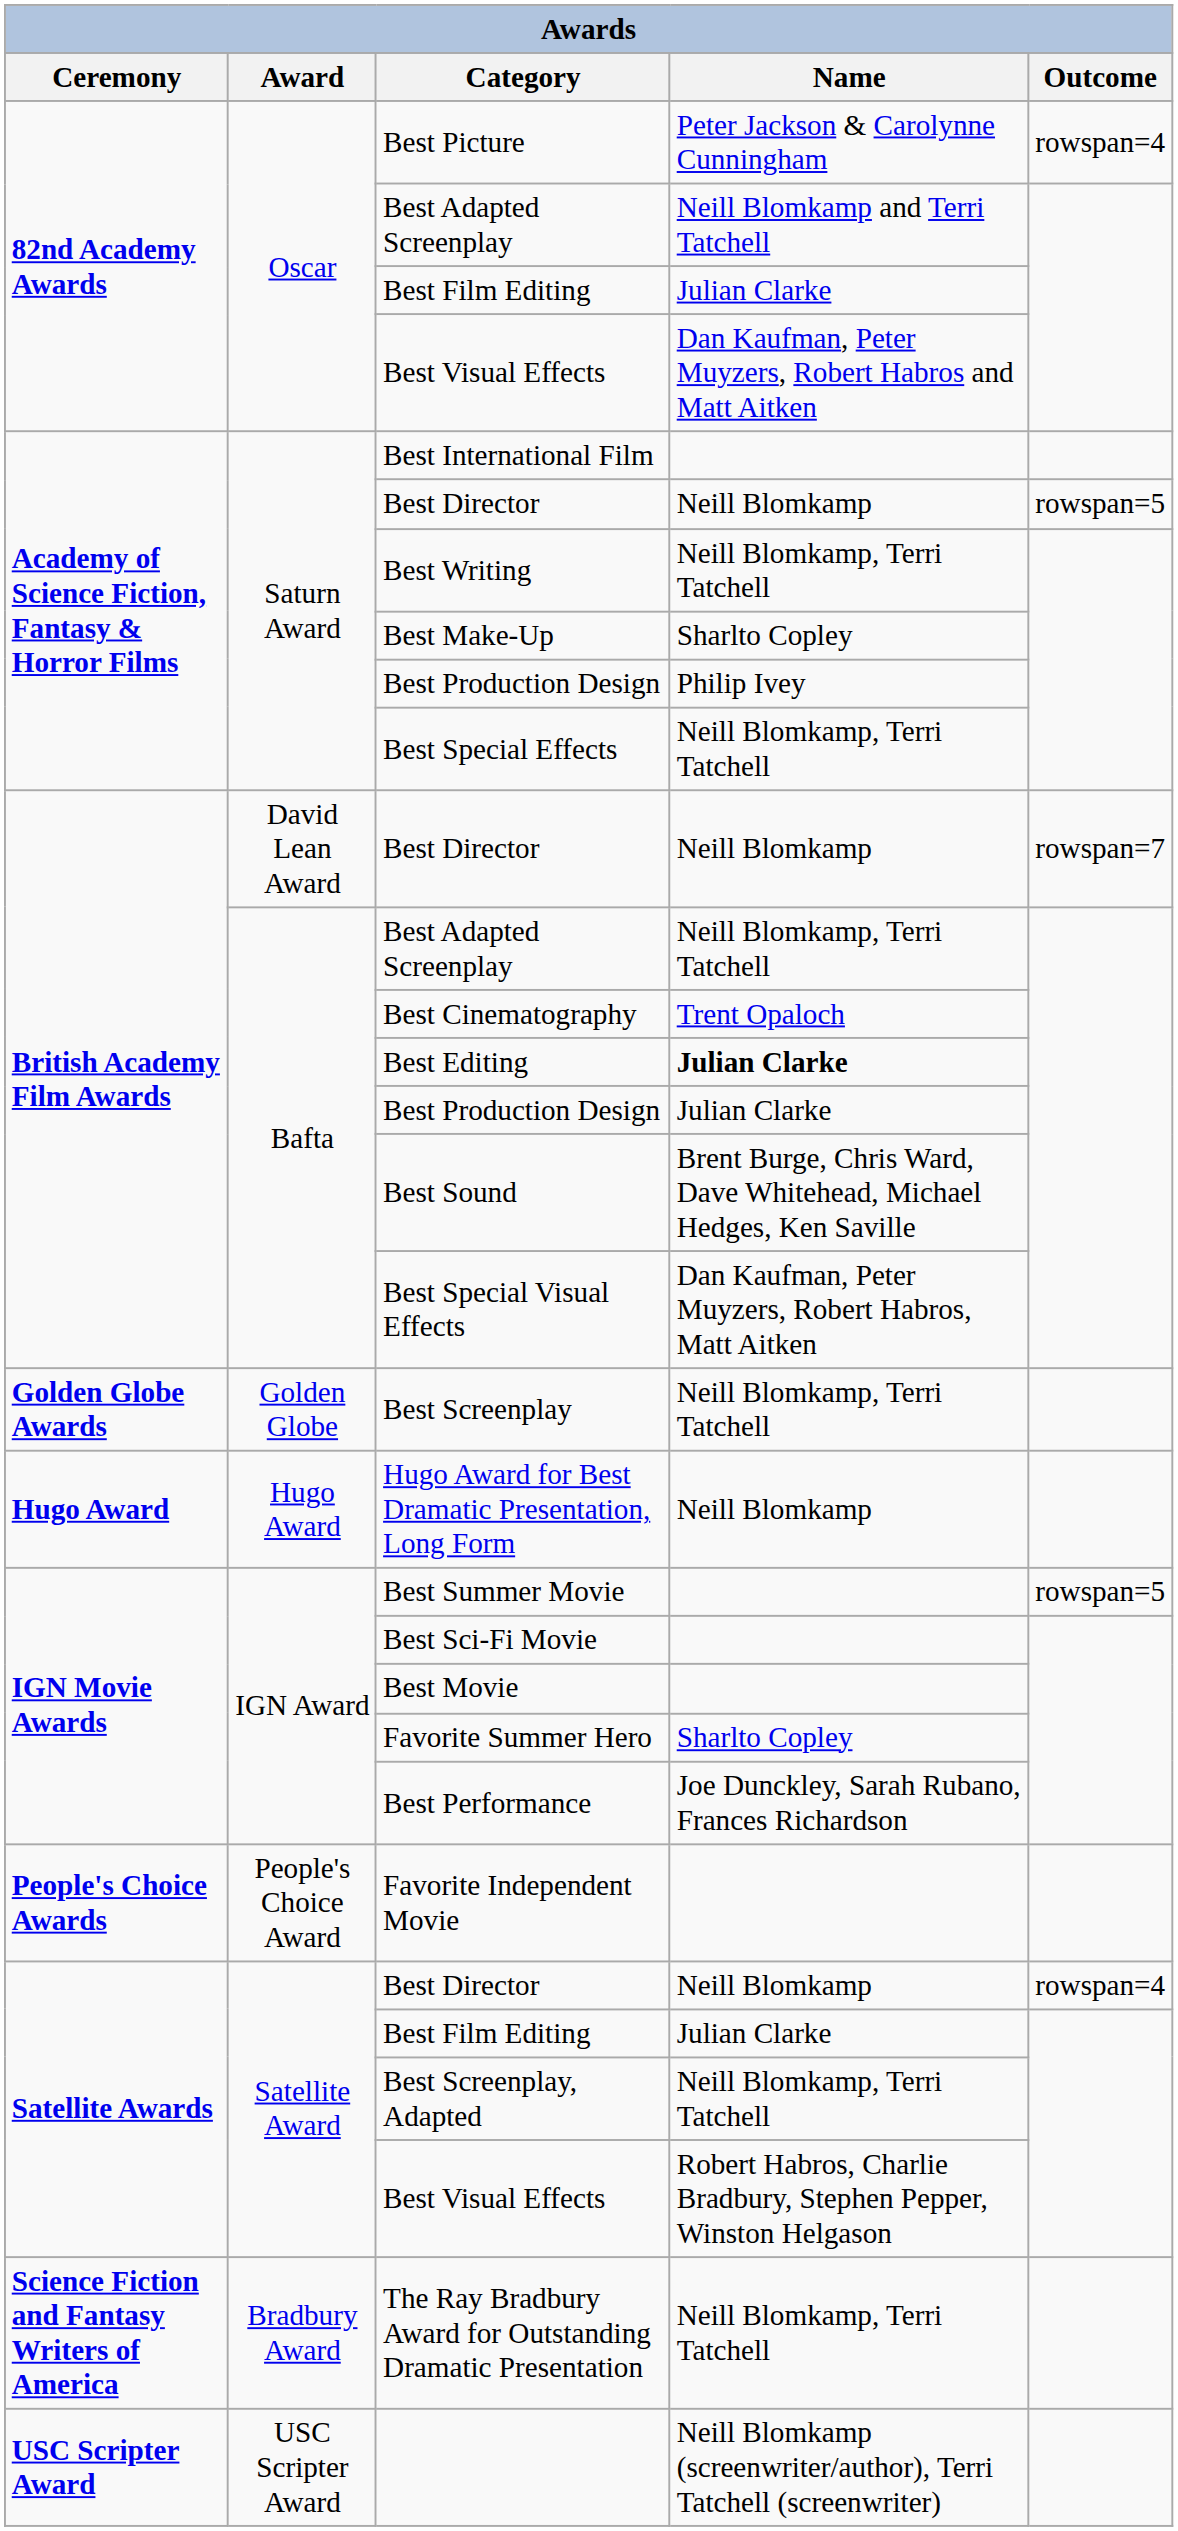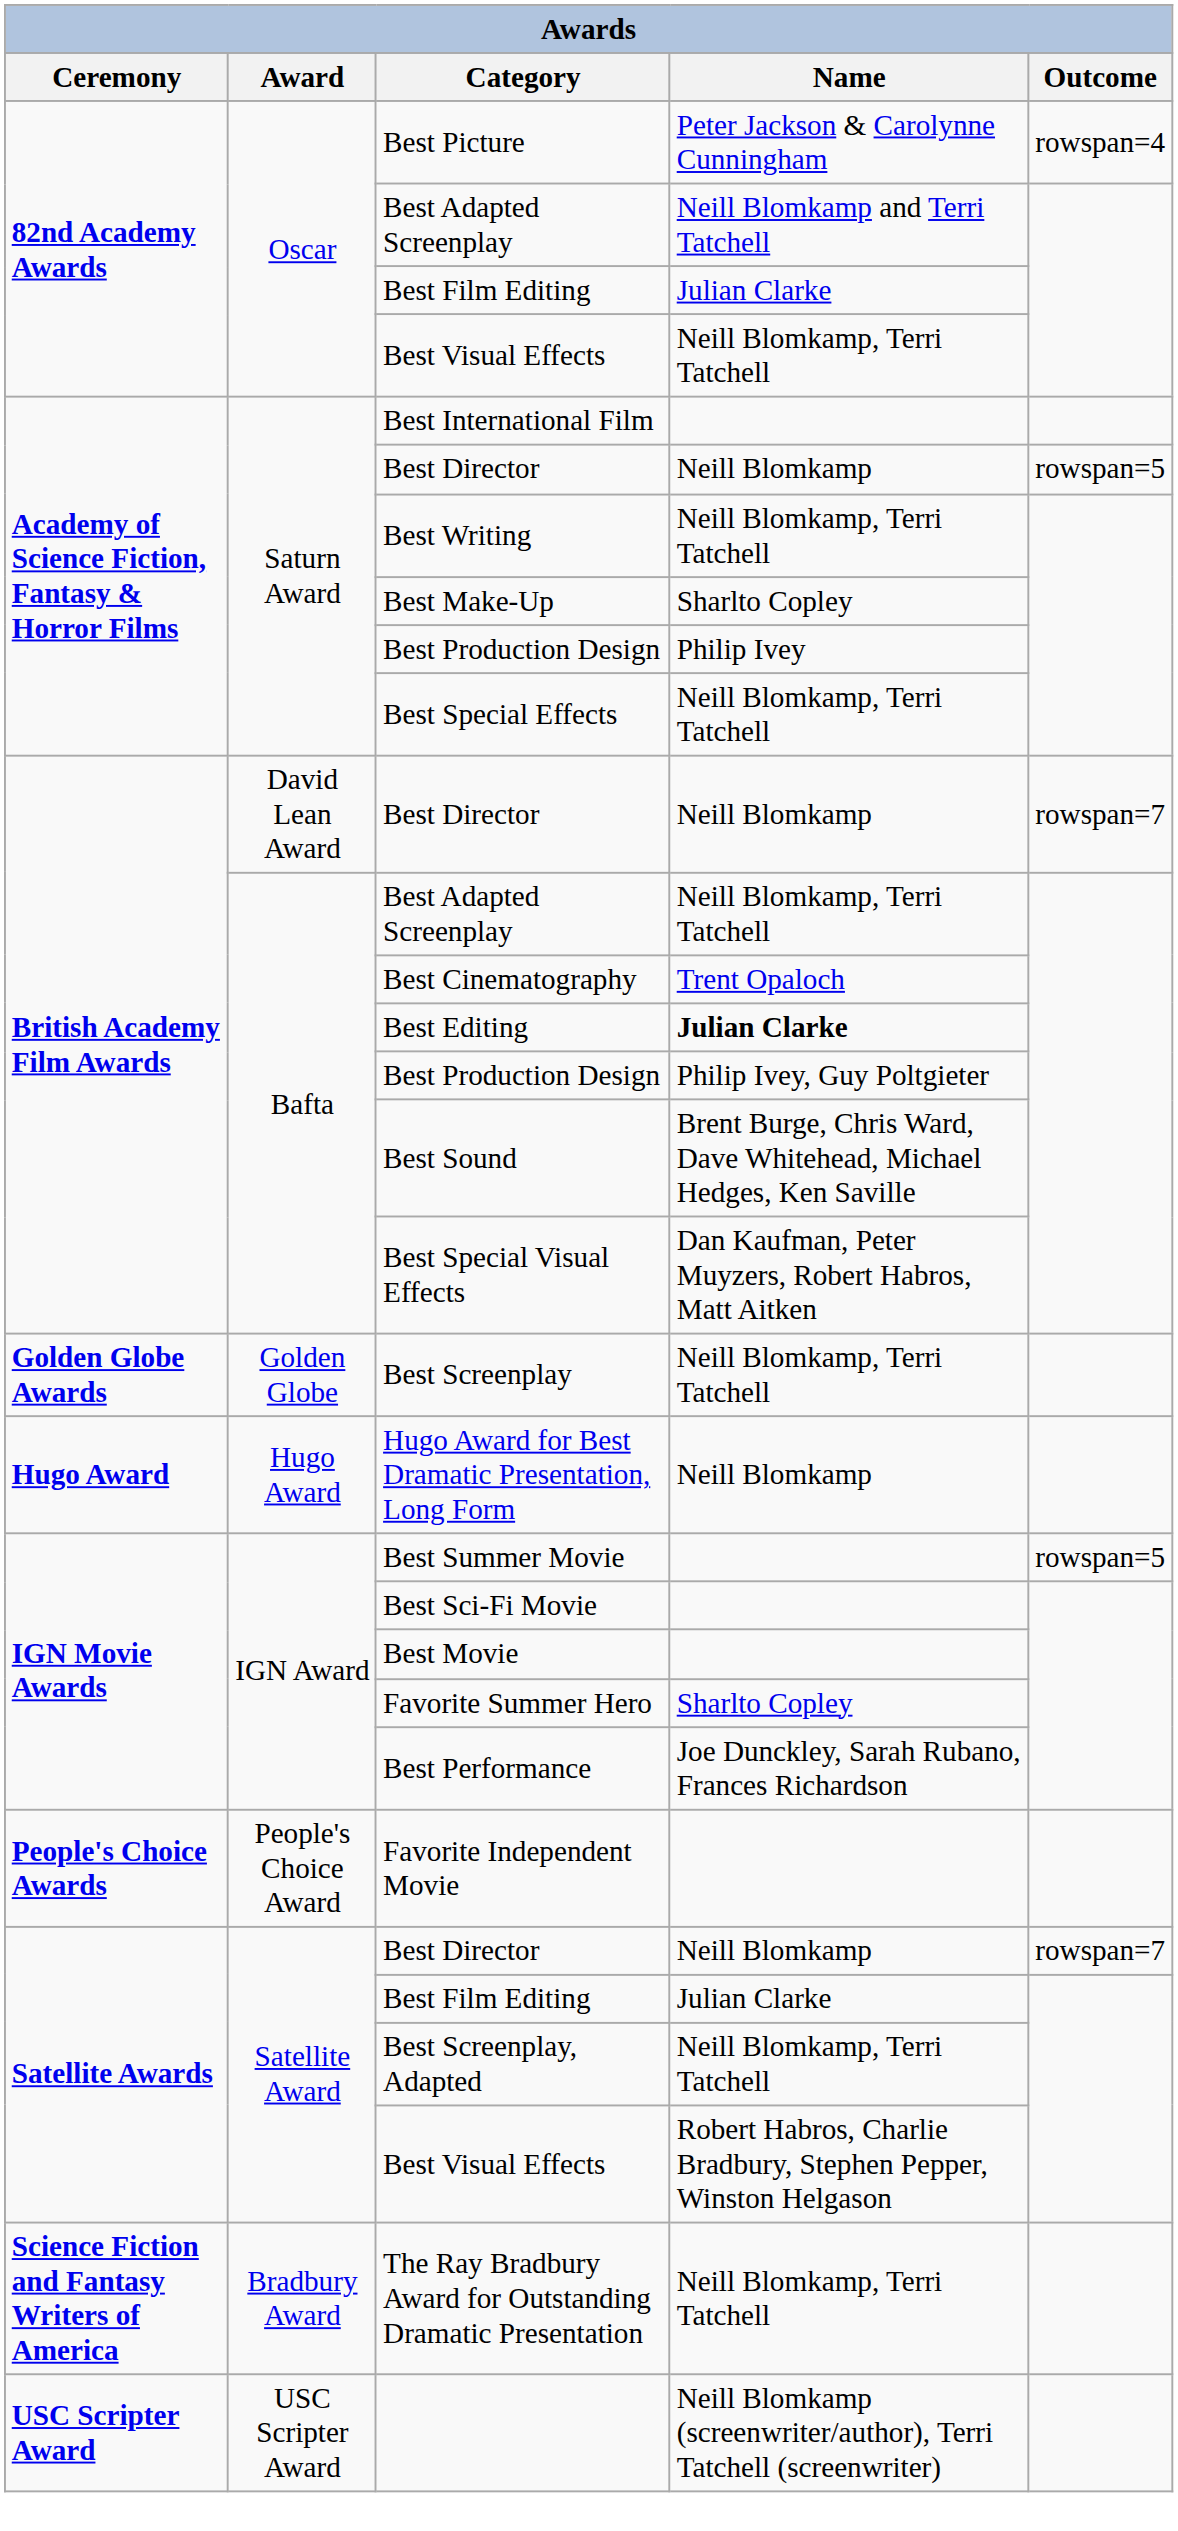 <table class="wikitable" style="font-size:95%">
 <tr style="background:#ccc; text-align:center;">
 <th colspan="5" style="background: LightSteelBlue;">Awards</th>
 </tr>
 <tr style="background:#ccc; text-align:center;">
 <th>Ceremony</th>
 <th>Award</th>
 <th>Category</th>
 <th>Name</th>
 <th>Outcome</th>
 </tr>
 <tr>
 <td rowspan=4><strong><a href='#'>82nd Academy Awards</a></strong></td>
 <td rowspan=4 style="text-align:center;"><a href='#'>Oscar</a></td>
 <td>Best Picture</td>
 <td><a href='#'>Peter Jackson</a> & <a href='#'>Carolynne Cunningham</a></td>
 <td>rowspan=4 </td>
 </tr>
 <tr>
 <td>Best Adapted Screenplay</td>
 <td><a href='#'>Neill Blomkamp</a> and <a href='#'>Terri Tatchell</a></td>
 </tr>
 <tr>
 <td>Best Film Editing</td>
 <td><a href='#'>Julian Clarke</a></td>
 </tr>
 <tr>
 <td>Best Visual Effects</td>
-<td><a href='#'>Dan Kaufman</a>, <a href='#'>Peter Muyzers</a>, <a href='#'>Robert Habros</a> and <a href='#'>Matt Aitken</a></td>
+<td>Neill Blomkamp, Terri Tatchell</td>
 </tr>
 <tr>
 <td rowspan=6><strong><a href='#'>Academy of Science Fiction, Fantasy & Horror Films</a></strong> </td>
 <td rowspan=6 style="text-align:center;">Saturn Award</td>
 <td>Best International Film</td>
 <td></td>
 <td></td>
 </tr>
 <tr>
 <td>Best Director</td>
 <td>Neill Blomkamp</td>
 <td>rowspan=5 </td>
 </tr>
 <tr>
 <td>Best Writing</td>
 <td>Neill Blomkamp, Terri Tatchell</td>
 </tr>
 <tr>
 <td>Best Make-Up</td>
 <td>Sharlto Copley</td>
 </tr>
 <tr>
 <td>Best Production Design</td>
 <td>Philip Ivey</td>
 </tr>
 <tr>
 <td>Best Special Effects</td>
 <td>Neill Blomkamp, Terri Tatchell</td>
 </tr>
 <tr>
 <td rowspan=7><strong><a href='#'>British Academy Film Awards</a></strong></td>
 <td style="text-align:center;">David Lean Award</td>
 <td>Best Director</td>
 <td>Neill Blomkamp</td>
 <td>rowspan=7 </td>
 </tr>
 <tr>
 <td rowspan=6 style="text-align:center;">Bafta</td>
 <td>Best Adapted Screenplay</td>
 <td>Neill Blomkamp, Terri Tatchell</td>
 </tr>
 <tr>
 <td>Best Cinematography</td>
 <td><a href='#'>Trent Opaloch</a></td>
 </tr>
 <tr>
 <td>Best Editing</td>
 <td><strong>Julian Clarke</strong></td>
 </tr>
 <tr>
 <td>Best Production Design</td>
-<td>Julian Clarke</td>
+<td>Philip Ivey, Guy Poltgieter</td>
 </tr>
 <tr>
 <td>Best Sound</td>
 <td>Brent Burge, Chris Ward, Dave Whitehead, Michael Hedges, Ken Saville</td>
 </tr>
 <tr>
 <td>Best Special Visual Effects</td>
 <td>Dan Kaufman, Peter Muyzers, Robert Habros, Matt Aitken</td>
 </tr>
 <tr>
 <td><strong><a href='#'>Golden Globe Awards</a></strong></td>
 <td style="text-align:center;"><a href='#'>Golden Globe</a></td>
 <td>Best Screenplay</td>
 <td>Neill Blomkamp, Terri Tatchell</td>
 <td></td>
 </tr>
 <tr>
 <td><strong><a href='#'>Hugo Award</a></strong></td>
 <td style="text-align:center;"><a href='#'>Hugo Award</a></td>
 <td><a href='#'>Hugo Award for Best Dramatic Presentation, Long Form</a></td>
 <td>Neill Blomkamp</td>
 <td></td>
 </tr>
 <tr>
 <td rowspan=5><strong><a href='#'>IGN Movie Awards</a></strong></td>
 <td rowspan=5 style="text-align:center;">IGN Award</td>
 <td>Best Summer Movie</td>
 <td></td>
 <td>rowspan=5 </td>
 </tr>
 <tr>
 <td>Best Sci-Fi Movie</td>
 <td></td>
 </tr>
 <tr>
 <td>Best Movie</td>
 <td></td>
 </tr>
 <tr>
 <td>Favorite Summer Hero</td>
 <td><a href='#'>Sharlto Copley</a></td>
 </tr>
 <tr>
 <td>Best Performance</td>
 <td>Joe Dunckley, Sarah Rubano, Frances Richardson</td>
 </tr>
 <tr>
 <td><strong><a href='#'>People's Choice Awards</a></strong></td>
 <td style="text-align:center;">People's Choice Award</td>
 <td>Favorite Independent Movie</td>
 <td></td>
 <td></td>
 </tr>
 <tr>
 <td rowspan=4><strong><a href='#'>Satellite Awards</a></strong> </td>
 <td rowspan=4 style="text-align:center;"><a href='#'>Satellite Award</a></td>
 <td>Best Director</td>
 <td>Neill Blomkamp</td>
-<td>rowspan=4 </td>
+<td>rowspan=7 </td>
 </tr>
 <tr>
 <td>Best Film Editing</td>
 <td>Julian Clarke</td>
 </tr>
 <tr>
 <td>Best Screenplay, Adapted</td>
 <td>Neill Blomkamp, Terri Tatchell</td>
 </tr>
 <tr>
 <td>Best Visual Effects</td>
 <td>Robert Habros, Charlie Bradbury, Stephen Pepper, Winston Helgason</td>
 </tr>
 <tr>
 <td><strong><a href='#'>Science Fiction and Fantasy Writers of America</a></strong></td>
 <td style="text-align:center;"><a href='#'>Bradbury Award</a></td>
 <td>The Ray Bradbury Award for Outstanding Dramatic Presentation</td>
 <td>Neill Blomkamp, Terri Tatchell</td>
 <td></td>
 </tr>
 <tr>
 <td><strong><a href='#'>USC Scripter Award</a></strong></td>
 <td style="text-align:center;">USC Scripter Award</td>
 <td></td>
 <td>Neill Blomkamp (screenwriter/author), Terri Tatchell (screenwriter)</td>
 <td></td>
 </tr>
 </table>
